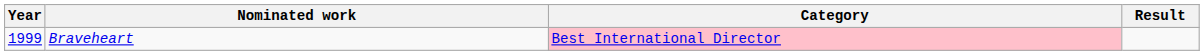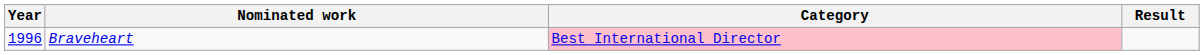 <table class="wikitable">
 <tr>
 <th scope="col" style="width:1em;">Year</th>
 <th scope="col" style="width:35em;">Nominated work</th>
 <th scope="col" style="width:40em;">Category</th>
 <th scope="col" style="width:5em;">Result</th>
 </tr>
 <tr>
-<td><a href='#'>1999</a></td>
+<td><a href='#'>1996</a></td>
 <td><em><a href='#'>Braveheart</a></em></td>
 <td style="background: pink;"><a href='#'>Best International Director</a></td>
 <td></td>
 </tr>
 </table>
